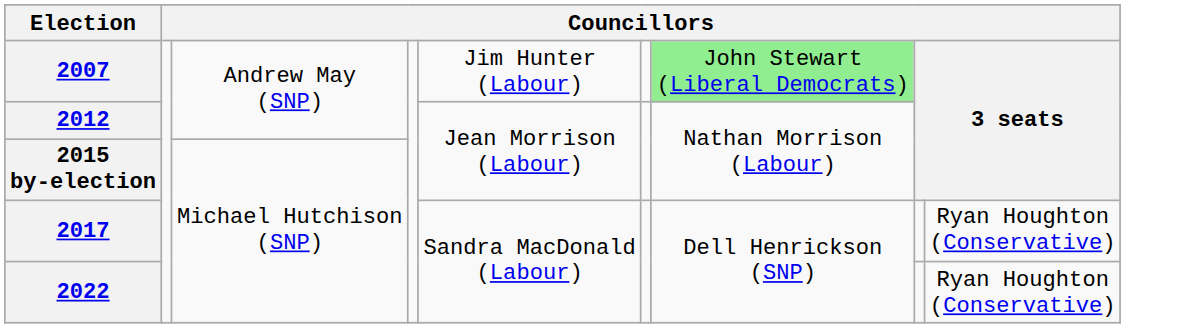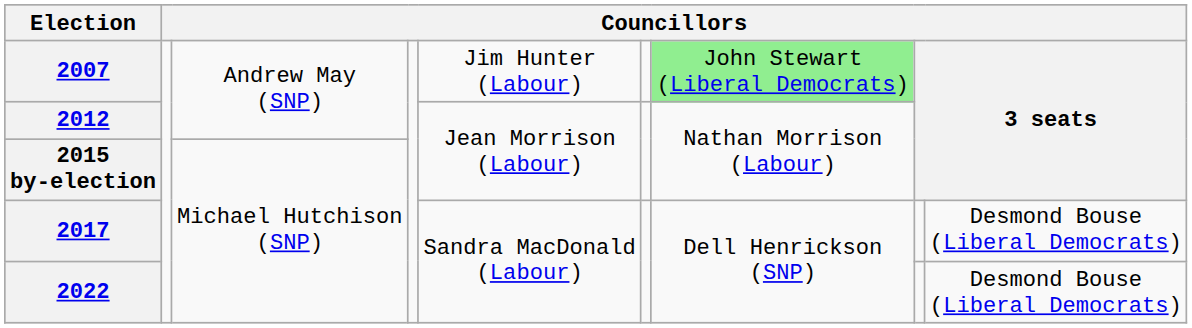 <table class="wikitable" style="text-align:center">
 <tr>
 <th>Election</th>
 <th colspan=8>Councillors</th>
 </tr>
 <tr>
 <th><a href='#'>2007</a></th>
 <td rowspan=5; style="background-color: "></td>
 <td rowspan=2>Andrew May<br>(<a href='#'>SNP</a>)</td>
 <td rowspan=5; style="background-color: "></td>
 <td>Jim Hunter<br>(<a href='#'>Labour</a>)</td>
 <td rowspan=1; style="background-color: "></td>
 <td style="background: lightgreen;">John Stewart<br>(<a href='#'>Liberal Democrats</a>)</td>
 <th colspan=2; rowspan=3>3 seats</th>
 </tr>
 <tr>
 <th><a href='#'>2012</a></th>
 <td rowspan=2>Jean Morrison<br>(<a href='#'>Labour</a>)</td>
 <td rowspan=2; style="background-color: "></td>
 <td rowspan=2>Nathan Morrison<br>(<a href='#'>Labour</a>)</td>
 </tr>
 <tr>
 <th>2015<br>by-election</th>
 <td rowspan=3>Michael Hutchison<br>(<a href='#'>SNP</a>)</td>
 </tr>
 <tr>
 <th><a href='#'>2017</a></th>
 <td rowspan=2>Sandra MacDonald<br>(<a href='#'>Labour</a>)</td>
 <td rowspan=2; style="background-color: "></td>
 <td rowspan=2>Dell Henrickson<br>(<a href='#'>SNP</a>)</td>
 <td rowspan=1; style="background-color: "></td>
-<td rowspan=1>Ryan Houghton<br>(<a href='#'>Conservative</a>)</td>
+<td rowspan=1>Desmond Bouse<br>(<a href='#'>Liberal Democrats</a>)</td>
 </tr>
 <tr>
 <th><a href='#'>2022</a></th>
 <td rowspan=1; style="background-color: "></td>
-<td rowspan=1>Ryan Houghton<br>(<a href='#'>Conservative</a>)</td>
+<td rowspan=1>Desmond Bouse<br>(<a href='#'>Liberal Democrats</a>)</td>
 </tr>
 </table>
